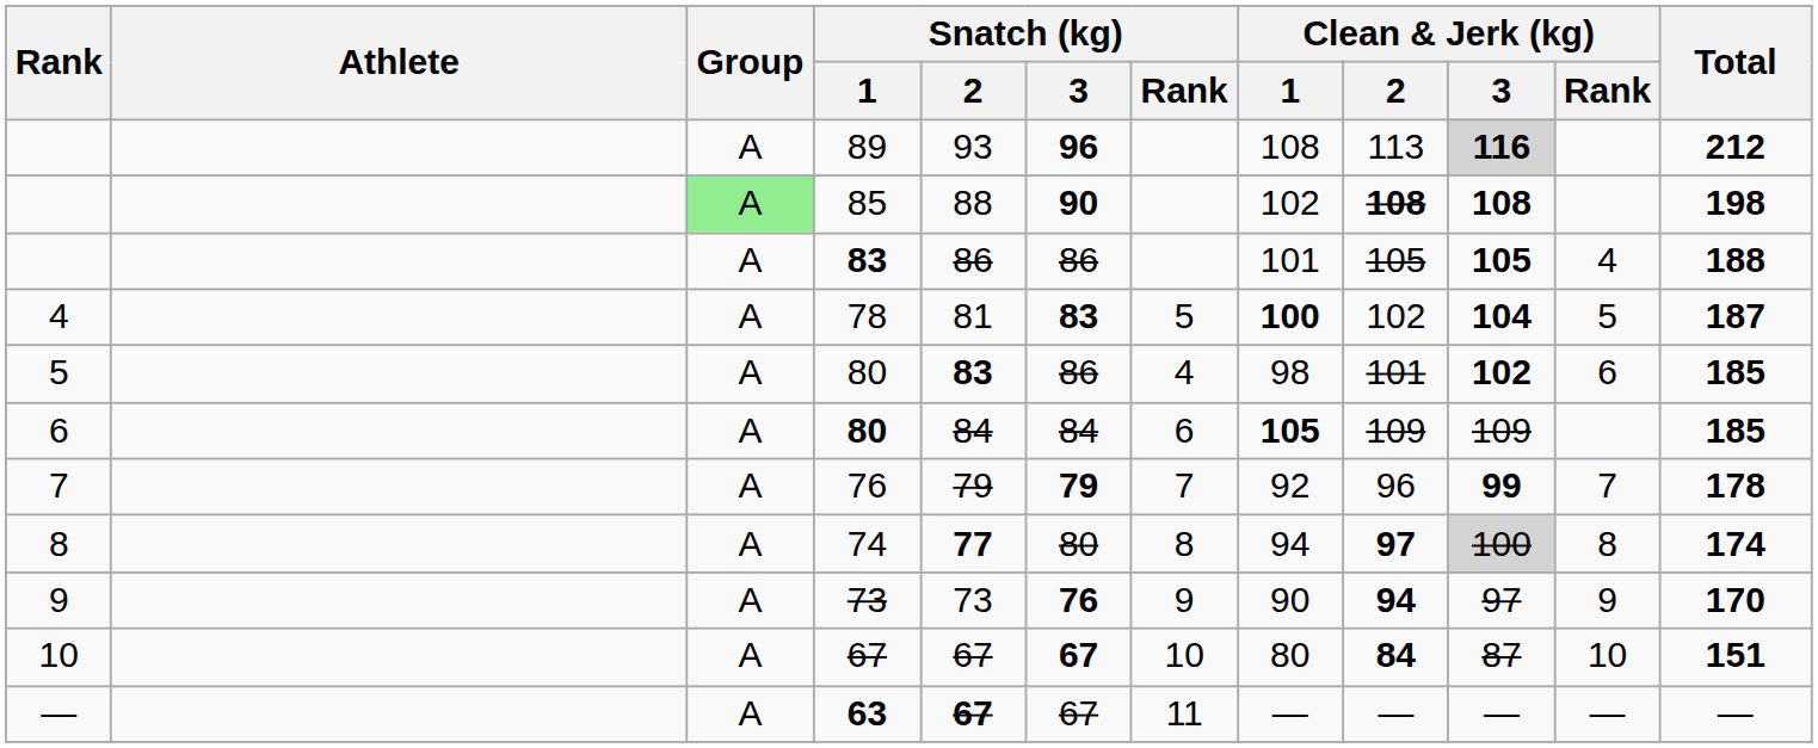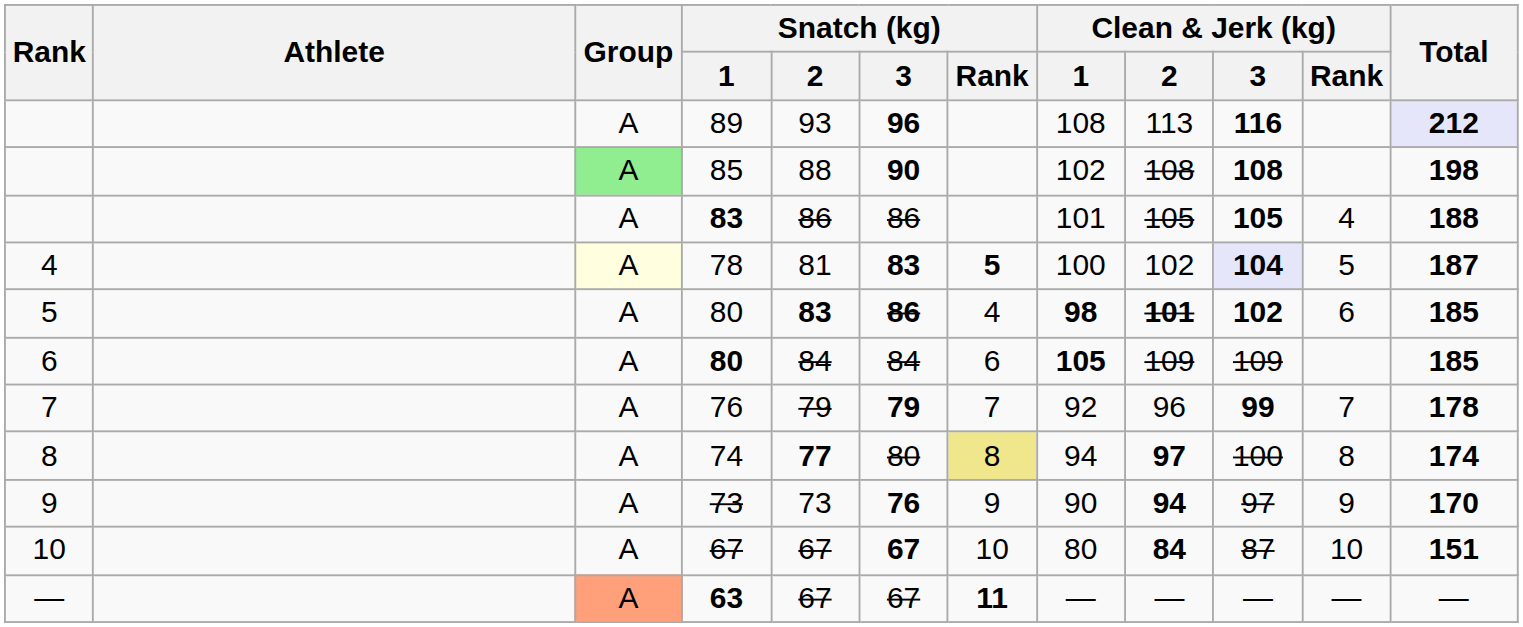 <table class = "wikitable" style="text-align:center;">
 <tr>
 <th rowspan=2 width=40>Rank</th>
 <th rowspan=2 width=250>Athlete</th>
 <th rowspan=2 width=50>Group</th>
 <th colspan=4>Snatch (kg)</th>
 <th colspan=4>Clean & Jerk (kg)</th>
 <th rowspan=2 width=60>Total</th>
 </tr>
 <tr>
 <th width=40>1</th>
 <th width=40>2</th>
 <th width=40>3</th>
 <th width=40>Rank</th>
 <th width=40>1</th>
 <th width=40>2</th>
 <th width=40>3</th>
 <th width=40>Rank</th>
 </tr>
 <tr>
 <td></td>
 <td align=left></td>
 <td>A</td>
 <td>89</td>
 <td>93</td>
 <td><strong>96</strong></td>
 <td></td>
 <td>108</td>
 <td>113</td>
-<td style="background: lightgrey;"><strong>116</strong></td>
+<td><strong>116</strong></td>
 <td></td>
-<td><strong>212</strong></td>
+<td style="background: lavender;"><strong>212</strong></td>
 </tr>
 <tr>
 <td></td>
 <td align=left></td>
 <td style="background: lightgreen;">A</td>
 <td>85</td>
 <td>88</td>
 <td><strong>90</strong></td>
 <td></td>
 <td>102</td>
-<td><strong><s>108</s></strong></td>
+<td><s>108</s></td>
 <td><strong>108</strong></td>
 <td></td>
 <td><strong>198</strong></td>
 </tr>
 <tr>
 <td></td>
 <td align=left></td>
 <td>A</td>
 <td><strong>83</strong></td>
 <td><s>86</s></td>
 <td><s>86</s></td>
 <td></td>
 <td>101</td>
 <td><s>105</s></td>
 <td><strong>105</strong></td>
 <td>4</td>
 <td><strong>188</strong></td>
 </tr>
 <tr>
 <td>4</td>
 <td align=left></td>
-<td>A</td>
+<td style="background: lightyellow;">A</td>
 <td>78</td>
 <td>81</td>
 <td><strong>83</strong></td>
-<td>5</td>
-<td><strong>100</strong></td>
+<td><strong>5</strong></td>
+<td>100</td>
 <td>102</td>
-<td><strong>104</strong></td>
+<td style="background: lavender;"><strong>104</strong></td>
 <td>5</td>
 <td><strong>187</strong></td>
 </tr>
 <tr>
 <td>5</td>
 <td align=left></td>
 <td>A</td>
 <td>80</td>
 <td><strong>83</strong></td>
-<td><s>86</s></td>
+<td><strong><s>86</s></strong></td>
 <td>4</td>
-<td>98</td>
-<td><s>101</s></td>
+<td><strong>98</strong></td>
+<td><strong><s>101</s></strong></td>
 <td><strong>102</strong></td>
 <td>6</td>
 <td><strong>185</strong></td>
 </tr>
 <tr>
 <td>6</td>
 <td align=left></td>
 <td>A</td>
 <td><strong>80</strong></td>
 <td><s>84</s></td>
 <td><s>84</s></td>
 <td>6</td>
 <td><strong>105</strong></td>
 <td><s>109</s></td>
 <td><s>109</s></td>
 <td></td>
 <td><strong>185</strong></td>
 </tr>
 <tr>
 <td>7</td>
 <td align=left></td>
 <td>A</td>
 <td>76</td>
 <td><s>79</s></td>
 <td><strong>79</strong></td>
 <td>7</td>
 <td>92</td>
 <td>96</td>
 <td><strong>99</strong></td>
 <td>7</td>
 <td><strong>178</strong></td>
 </tr>
 <tr>
 <td>8</td>
 <td align=left></td>
 <td>A</td>
 <td>74</td>
 <td><strong>77</strong></td>
 <td><s>80</s></td>
-<td>8</td>
+<td style="background: khaki;">8</td>
 <td>94</td>
 <td><strong>97</strong></td>
-<td style="background: lightgrey;"><s>100</s></td>
+<td><s>100</s></td>
 <td>8</td>
 <td><strong>174</strong></td>
 </tr>
 <tr>
 <td>9</td>
 <td align=left></td>
 <td>A</td>
 <td><s>73</s></td>
 <td>73</td>
 <td><strong>76</strong></td>
 <td>9</td>
 <td>90</td>
 <td><strong>94</strong></td>
 <td><s>97</s></td>
 <td>9</td>
 <td><strong>170</strong></td>
 </tr>
 <tr>
 <td>10</td>
 <td align=left></td>
 <td>A</td>
 <td><s>67</s></td>
 <td><s>67</s></td>
 <td><strong>67</strong></td>
 <td>10</td>
 <td>80</td>
 <td><strong>84</strong></td>
 <td><s>87</s></td>
 <td>10</td>
 <td><strong>151</strong></td>
 </tr>
 <tr>
 <td>—</td>
 <td align=left></td>
-<td>A</td>
+<td style="background: lightsalmon;">A</td>
 <td><strong>63</strong></td>
-<td><strong><s>67</s></strong></td>
 <td><s>67</s></td>
-<td>11</td>
+<td><s>67</s></td>
+<td><strong>11</strong></td>
 <td>—</td>
 <td>—</td>
 <td>—</td>
 <td>—</td>
 <td>—</td>
 </tr>
 </table>
